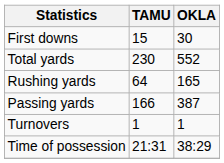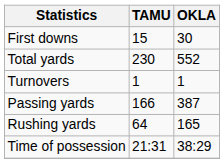 <table class="wikitable" style="float: left;">
 <tr>
 <th>Statistics</th>
 <th>TAMU</th>
 <th>OKLA</th>
 </tr>
 <tr>
 <td>First downs</td>
 <td>15</td>
 <td>30</td>
 </tr>
 <tr>
 <td>Total yards</td>
 <td>230</td>
 <td>552</td>
 </tr>
 <tr>
-<td>Rushing yards</td>
-<td>64</td>
-<td>165</td>
+<td>Turnovers</td>
+<td>1</td>
+<td>1</td>
 </tr>
 <tr>
 <td>Passing yards</td>
 <td>166</td>
 <td>387</td>
 </tr>
 <tr>
-<td>Turnovers</td>
-<td>1</td>
-<td>1</td>
+<td>Rushing yards</td>
+<td>64</td>
+<td>165</td>
 </tr>
 <tr>
 <td>Time of possession</td>
 <td>21:31</td>
 <td>38:29</td>
 </tr>
 <tr>
 </tr>
 </table>
